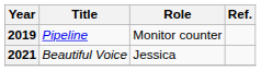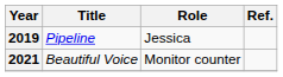 <table class="wikitable sortable plainrowheaders">
 <tr>
 <th>Year</th>
 <th>Title</th>
 <th>Role</th>
 <th class="unsortable">Ref.</th>
 </tr>
 <tr>
 <th scope="row">2019</th>
 <td><em><a href='#'>Pipeline</a></em></td>
-<td>Monitor counter</td>
+<td>Jessica</td>
 <td align=center></td>
 </tr>
 <tr>
 <th scope="row">2021</th>
 <td><em>Beautiful Voice</em></td>
-<td>Jessica</td>
+<td>Monitor counter</td>
 <td align=center></td>
 </tr>
 <tr>
 </tr>
 </table>
